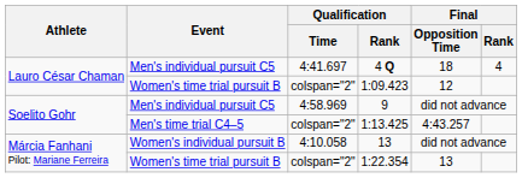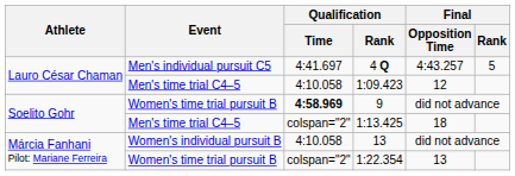 <table class=wikitable style="font-size:90%">
 <tr>
 <th rowspan="2">Athlete</th>
 <th rowspan="2">Event</th>
 <th colspan="2">Qualification</th>
 <th colspan="2">Final</th>
 </tr>
 <tr>
 <th>Time</th>
 <th>Rank</th>
 <th>Opposition<br>Time</th>
 <th>Rank</th>
 </tr>
 <tr>
 <td rowspan="2"><a href='#'>Lauro César Chaman</a></td>
 <td><a href='#'>Men's individual pursuit C5</a></td>
 <td align="center">4:41.697</td>
 <td align="center">4 <strong>Q</strong></td>
-<td align="center">18</td>
-<td align="center">4</td>
+<td align="center">4:43.257</td>
+<td align="center">5</td>
 </tr>
 <tr>
-<td><a href='#'>Women's time trial pursuit B</a></td>
-<td>colspan="2" </td>
+<td><a href='#'>Men's time trial C4–5</a></td>
+<td align="center">4:10.058</td>
 <td align="center">1:09.423</td>
 <td align="center">12</td>
 </tr>
 <tr>
 <td rowspan="2"><a href='#'>Soelito Gohr</a></td>
-<td><a href='#'>Men's individual pursuit C5</a></td>
-<td align="center">4:58.969</td>
+<td><a href='#'>Women's time trial pursuit B</a></td>
+<td align="center"><strong>4:58.969</strong></td>
 <td align="center">9</td>
 <td align="center" colspan=2>did not advance</td>
 </tr>
 <tr>
 <td><a href='#'>Men's time trial C4–5</a></td>
 <td>colspan="2" </td>
 <td align="center">1:13.425</td>
-<td align="center">4:43.257</td>
+<td align="center">18</td>
 </tr>
 <tr>
 <td rowspan="2"><a href='#'>Márcia Fanhani</a><br><small>Pilot: <a href='#'>Mariane Ferreira</a></small></td>
 <td><a href='#'>Women's individual pursuit B</a></td>
 <td align="center">4:10.058</td>
 <td align="center">13</td>
 <td align="center" colspan=2>did not advance</td>
 </tr>
 <tr>
 <td><a href='#'>Women's time trial pursuit B</a></td>
 <td>colspan="2" </td>
 <td align="center">1:22.354</td>
 <td align="center">13</td>
 </tr>
 </table>
